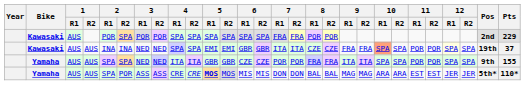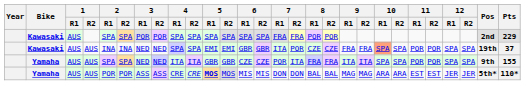 <table class="wikitable" style="text-align:center; font-size:90%;">
 <tr>
 <th rowspan="2">Year</th>
 <th rowspan="2">Bike</th>
 <th colspan="2">1</th>
 <th colspan="2">2</th>
 <th colspan="2">3</th>
 <th colspan="2">4</th>
 <th colspan="2">5</th>
 <th colspan="2">6</th>
 <th colspan="2">7</th>
 <th colspan="2">8</th>
 <th colspan="2">9</th>
 <th colspan="2">10</th>
 <th colspan="2">11</th>
 <th colspan="2">12</th>
 <th rowspan="2">Pos</th>
 <th rowspan="2">Pts</th>
 </tr>
 <tr>
 <th>R1</th>
 <th>R2</th>
 <th>R1</th>
 <th>R2</th>
 <th>R1</th>
 <th>R2</th>
 <th>R1</th>
 <th>R2</th>
 <th>R1</th>
 <th>R2</th>
 <th>R1</th>
 <th>R2</th>
 <th>R1</th>
 <th>R2</th>
 <th>R1</th>
 <th>R2</th>
 <th>R1</th>
 <th>R2</th>
 <th>R1</th>
 <th>R2</th>
 <th>R1</th>
 <th>R2</th>
 <th>R1</th>
 <th>R2</th>
 </tr>
 <tr>
 <th></th>
 <th><a href='#'>Kawasaki</a></th>
 <td style="background:#DFFFDF;"><a href='#'>AUS</a><br></td>
 <td></td>
-<td style="background:#DFFFDF;"><a href='#'>POR</a><br></td>
+<td style="background:#DFFFDF;"><a href='#'>SPA</a><br></td>
 <td style="background:#FFDF9F;"><a href='#'>SPA</a><br></td>
 <td style="background:#DFDFDF;"><a href='#'>POR</a><br></td>
 <td style="background:#EFCFFF;"><a href='#'>POR</a><br></td>
 <td style="background:#DFFFDF;"><a href='#'>SPA</a><br></td>
 <td style="background:#DFFFDF;"><a href='#'>SPA</a><br></td>
 <td style="background:#DFFFDF;"><a href='#'>SPA</a><br></td>
 <td style="background:#DFDFDF;"><a href='#'>SPA</a><br></td>
 <td style="background:#DFDFDF;"><a href='#'>SPA</a><br></td>
 <td style="background:#DFDFDF;"><a href='#'>SPA</a><br></td>
 <td style="background:#DFDFDF;"><a href='#'>FRA</a><br></td>
 <td style="background:#FFFFBF;"><a href='#'>FRA</a><br></td>
 <td style="background:#EFCFFF;"><a href='#'>POR</a><br></td>
 <td style="background:#FFFFBF;"><a href='#'>POR</a><br></td>
 <td></td>
 <td></td>
 <td></td>
 <td></td>
 <td></td>
 <td></td>
 <td></td>
 <td></td>
 <th style="background:#DFDFDF;">2nd</th>
 <th style="background:#DFDFDF;">229</th>
 </tr>
 <tr>
 <th></th>
 <th><a href='#'>Kawasaki</a></th>
 <td><a href='#'>AUS</a></td>
 <td><a href='#'>AUS</a></td>
 <td><a href='#'>INA</a></td>
 <td><a href='#'>INA</a></td>
 <td><a href='#'>NED</a></td>
 <td><a href='#'>NED</a></td>
 <td style="background:#CFCFFF;"><a href='#'>SPA</a><br></td>
 <td style="background:#DFFFDF;"><a href='#'>SPA</a><br></td>
 <td style="background:#DFFFDF;"><a href='#'>EMI</a><br></td>
 <td style="background:#DFFFDF;"><a href='#'>EMI</a><br></td>
 <td style="background:#DFFFDF;"><a href='#'>GBR</a><br></td>
 <td style="background:#EFCFFF;"><a href='#'>GBR</a><br></td>
 <td style="background:#DFFFDF;"><a href='#'>ITA</a><br></td>
-<td style="background:#DFFFDF;"><a href='#'>ITA</a><br></td>
+<td style="background:#DFFFDF;"><a href='#'>POR</a><br></td>
 <td style="background:#DFFFDF;"><a href='#'>CZE</a><br></td>
 <td style="background:#EFCFFF;"><a href='#'>CZE</a><br></td>
 <td><a href='#'>FRA</a></td>
 <td><a href='#'>FRA</a></td>
 <td style="background: lightsalmon;"><a href='#'>SPA</a></td>
 <td><a href='#'>SPA</a></td>
 <td><a href='#'>POR</a></td>
 <td><a href='#'>POR</a></td>
-<td style="background: lightyellow;"><a href='#'>SPA</a></td>
+<td><a href='#'>SPA</a></td>
 <td><a href='#'>SPA</a></td>
 <th>19th</th>
 <th>37</th>
 </tr>
 <tr>
 <th></th>
 <th><a href='#'>Yamaha</a></th>
 <td style="background:#DFFFDF;"><a href='#'>AUS</a><br></td>
 <td style="background:#DFFFDF;"><a href='#'>AUS</a><br></td>
 <td style="background:#EFCFFF;"><a href='#'>SPA</a><br></td>
 <td style="background:#FFDF9F;"><a href='#'>SPA</a><br></td>
 <td style="background:#DFFFDF;"><a href='#'>NED</a><br></td>
 <td style="background:#CFCFFF;"><a href='#'>NED</a><br></td>
 <td style="background:#DFFFDF;"><a href='#'>ITA</a><br></td>
 <td style="background:#EFCFFF;"><a href='#'>ITA</a><br></td>
 <td style="background:#DFFFDF;"><a href='#'>GBR</a><br></td>
 <td style="background:#DFFFDF;"><a href='#'>GBR</a><br></td>
 <td style="background:#DFFFDF;"><a href='#'>CZE</a><br></td>
 <td style="background:#EFCFFF;"><a href='#'>CZE</a><br></td>
 <td style="background:#DFFFDF;"><a href='#'>POR</a><br></td>
-<td style="background:#DFFFDF;"><a href='#'>POR</a><br></td>
+<td style="background:#DFFFDF;"><a href='#'>ITA</a><br></td>
 <td style="background:#CFCFFF;"><a href='#'>FRA</a><br></td>
 <td style="background:#EFCFFF;"><a href='#'>FRA</a><br></td>
 <td style="background:#DFFFDF;"><a href='#'>ITA</a><br></td>
 <td style="background:#EFCFFF;"><a href='#'>ITA</a><br></td>
 <td style="background:#DFFFDF;"><a href='#'>SPA</a><br></td>
 <td style="background:#DFFFDF;"><a href='#'>SPA</a><br></td>
 <td style="background:#DFFFDF;"><a href='#'>POR</a><br></td>
 <td style="background:#DFFFDF;"><a href='#'>POR</a><br></td>
 <td style="background:#DFFFDF;"><a href='#'>SPA</a><br></td>
 <td style="background:#DFFFDF;"><a href='#'>SPA</a><br></td>
 <th>9th</th>
 <th>155</th>
 </tr>
 <tr>
 <th></th>
 <th><a href='#'>Yamaha</a></th>
 <td style="background:#DFFFDF;"><a href='#'>AUS</a><br></td>
 <td style="background:#DFFFDF;"><a href='#'>AUS</a><br></td>
-<td style="background:#DFFFDF;"><a href='#'>SPA</a><br></td>
+<td style="background:#DFFFDF;"><a href='#'>POR</a><br></td>
 <td style="background:#DFFFDF;"><a href='#'>POR</a><br></td>
 <td style="background:#DFFFDF;"><a href='#'>ASS</a><br></td>
 <td style="background:#EFCFFF;"><a href='#'>ASS</a><br></td>
 <td style="background:#DFFFDF;"><a href='#'>CRE</a><br></td>
 <td style="background:#DFFFDF;"><em><a href='#'>CRE</a></em><br></td>
 <td style="background:#FFDF9F;"><strong><a href='#'>MOS</a></strong><br></td>
 <td style="background:#DFDFDF;"><a href='#'>MOS</a><br></td>
 <td style="background:#;"><a href='#'>MIS</a><br></td>
 <td style="background:#;"><a href='#'>MIS</a><br></td>
 <td style="background:#;"><a href='#'>DON</a><br></td>
 <td style="background:#;"><a href='#'>DON</a><br></td>
 <td style="background:#;"><a href='#'>BAL</a><br></td>
 <td style="background:#;"><a href='#'>BAL</a><br></td>
 <td style="background:#;"><a href='#'>MAG</a><br></td>
 <td style="background:#;"><a href='#'>MAG</a><br></td>
 <td style="background:#;"><a href='#'>ARA</a><br></td>
 <td style="background:#;"><a href='#'>ARA</a><br></td>
 <td style="background:#;"><a href='#'>EST</a><br></td>
 <td style="background:#;"><a href='#'>EST</a><br></td>
 <td style="background:#;"><a href='#'>JER</a><br></td>
 <td style="background:#;"><a href='#'>JER</a><br></td>
 <th>5th*</th>
 <th>110*</th>
 </tr>
 </table>
